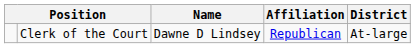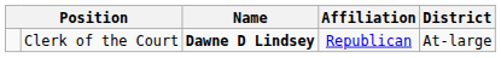 <table class=wikitable>
 <tr>
 <th colspan="2" style="text-align:center; vertical-align:bottom;">Position</th>
 <th style="text-align:center;">Name</th>
 <th valign=bottom>Affiliation</th>
 <th style="vertical-align:bottom; text-align:center;">District</th>
 </tr>
 <tr>
 <td style="background-color:"> </td>
 <td>Clerk of the Court</td>
-<td>Dawne D Lindsey</td>
+<td><strong>Dawne D Lindsey</strong></td>
 <td style="text-align:center;"><a href='#'>Republican</a></td>
 <td style="text-align:center;">At-large</td>
 </tr>
 </table>
